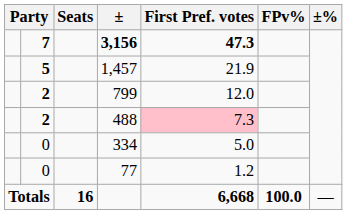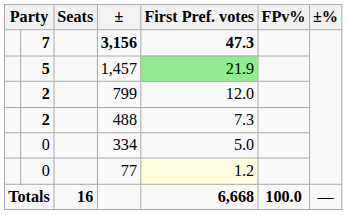 <table class=wikitable>
 <tr>
 <th colspan=2 align=center>Party</th>
 <th valign=top>Seats</th>
 <th valign=top>±</th>
 <th valign=top>First Pref. votes</th>
 <th valign=top>FPv%</th>
 <th valign=top>±%</th>
 </tr>
 <tr>
 <td></td>
 <td align=right><strong>7</strong></td>
 <td align=right></td>
 <td align=right><strong>3,156</strong></td>
 <td align=right><strong>47.3</strong></td>
 <td align=right></td>
 </tr>
 <tr>
 <td></td>
 <td align=right><strong>5</strong></td>
 <td align=right></td>
 <td align=right>1,457</td>
-<td align=right>21.9</td>
+<td align=right style="background: lightgreen;">21.9</td>
 <td align=right></td>
 </tr>
 <tr>
 <td></td>
 <td align=right><strong>2</strong></td>
 <td align=right></td>
 <td align=right>799</td>
 <td align=right>12.0</td>
 <td align=right></td>
 </tr>
 <tr>
 <td></td>
 <td align=right><strong>2</strong></td>
 <td align=right></td>
 <td align=right>488</td>
-<td align=right style="background: pink;">7.3</td>
+<td align=right>7.3</td>
 <td align=right></td>
 </tr>
 <tr>
 <td></td>
 <td align=right>0</td>
 <td align=right></td>
 <td align=right>334</td>
 <td align=right>5.0</td>
 <td align=right></td>
 </tr>
 <tr>
 <td></td>
 <td align=right>0</td>
 <td align=right></td>
 <td align=right>77</td>
-<td align=right>1.2</td>
+<td align=right style="background: lightyellow;">1.2</td>
 <td align=right></td>
 </tr>
 <tr>
 <td colspan=2 align=center><strong>Totals</strong></td>
 <td align=right><strong>16</strong></td>
 <td align=center></td>
 <td align=right><strong>6,668</strong></td>
 <td align=center><strong>100.0</strong></td>
 <td align=center>—</td>
 </tr>
 </table>
